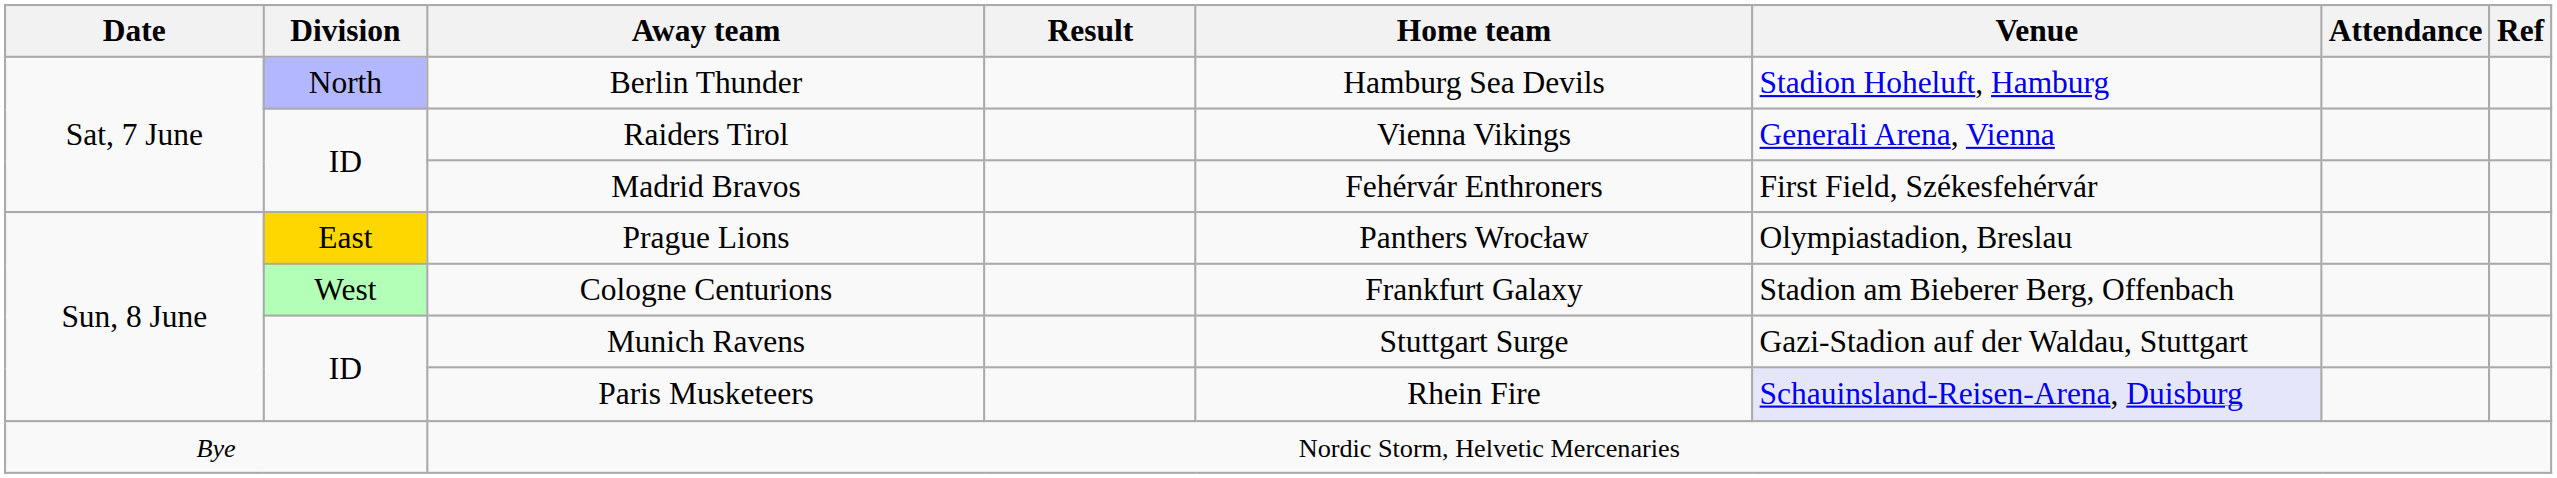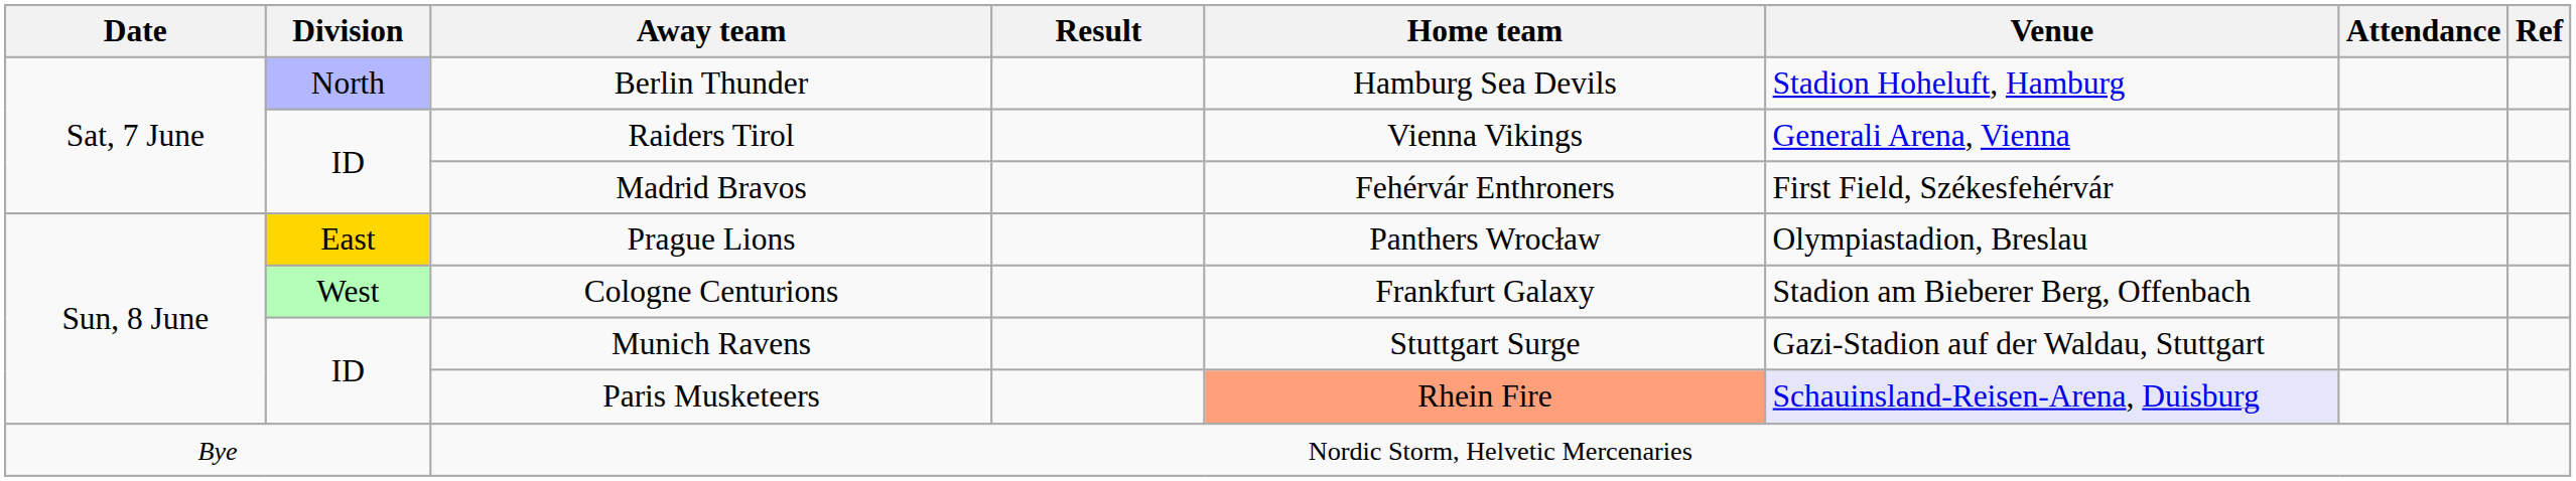 <table class="wikitable mw-collapsible mw-collapsed" style="font-size:95%; text-align:center; width:81em;">
 <tr>
 <th style="width:9em;">Date</th>
 <th style="width:5em;">Division</th>
 <th style="width:20em;">Away team</th>
 <th style="width:7em;">Result</th>
 <th style="width:20em;">Home team</th>
 <th style="width:20em;">Venue</th>
 <th>Attendance</th>
 <th>Ref</th>
 </tr>
 <tr>
 <td rowspan="3">Sat, 7 June</td>
 <td style="background:#B3B7FF">North</td>
 <td>Berlin Thunder</td>
 <td></td>
 <td>Hamburg Sea Devils</td>
 <td style="text-align:left;"><a href='#'>Stadion Hoheluft</a>, <a href='#'>Hamburg</a></td>
 <td></td>
 <td></td>
 </tr>
 <tr>
 <td rowspan="2" class="hintergrundfarbe-basis">ID</td>
 <td>Raiders Tirol</td>
 <td></td>
 <td>Vienna Vikings</td>
 <td style="text-align:left;"><a href='#'>Generali Arena</a>, <a href='#'>Vienna</a></td>
 <td></td>
 <td></td>
 </tr>
 <tr>
 <td>Madrid Bravos</td>
 <td></td>
 <td>Fehérvár Enthroners</td>
 <td style="text-align:left;">First Field, Székesfehérvár</td>
 <td></td>
 <td></td>
 </tr>
 <tr>
 <td rowspan="4">Sun, 8 June</td>
 <td style="background:#FFD700">East</td>
 <td>Prague Lions</td>
 <td></td>
 <td>Panthers Wrocław</td>
 <td style="text-align:left;">Olympiastadion, Breslau</td>
 <td></td>
 <td></td>
 </tr>
 <tr>
 <td style="background:#B3FFB7">West</td>
 <td>Cologne Centurions</td>
 <td></td>
 <td>Frankfurt Galaxy</td>
 <td style="text-align:left;">Stadion am Bieberer Berg, Offenbach</td>
 <td></td>
 <td></td>
 </tr>
 <tr>
 <td rowspan="2" class="hintergrundfarbe-basis">ID</td>
 <td>Munich Ravens</td>
 <td></td>
 <td>Stuttgart Surge</td>
 <td style="text-align:left;">Gazi-Stadion auf der Waldau, Stuttgart</td>
 <td></td>
 <td></td>
 </tr>
 <tr>
 <td>Paris Musketeers</td>
 <td></td>
-<td>Rhein Fire</td>
+<td style="background: lightsalmon;">Rhein Fire</td>
 <td style="background: lavender; text-align:left;"><a href='#'>Schauinsland-Reisen-Arena</a>, <a href='#'>Duisburg</a></td>
 <td></td>
 <td></td>
 </tr>
 <tr>
 <td colspan="2"><em><small>Bye</small></em></td>
 <td colspan="6"><small>Nordic Storm, Helvetic Mercenaries</small></td>
 </tr>
 </table>
